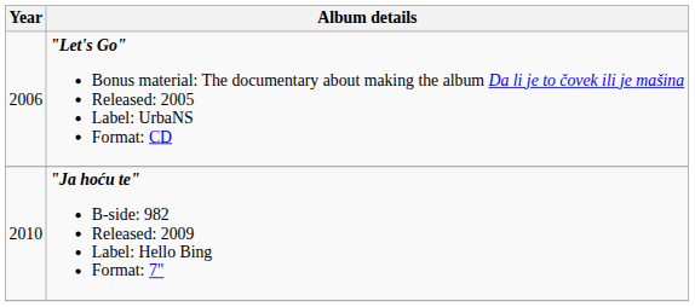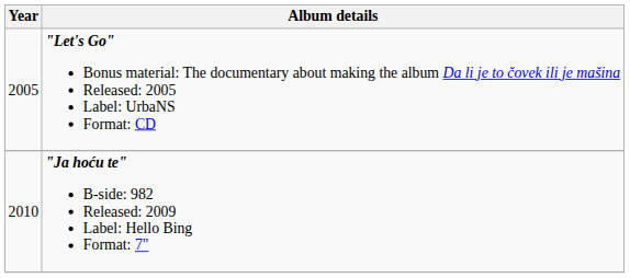 <table class ="wikitable">
 <tr>
 <th>Year</th>
 <th>Album details</th>
 </tr>
 <tr>
-<td align="center" rowspan="1">2006</td>
+<td align="center" rowspan="1">2005</td>
 <td><strong><em>"Let's Go"</em></strong><br><ul><li>Bonus material: The documentary about making the album <em><a href='#'>Da li je to čovek ili je mašina</a></em></li><li>Released: 2005</li><li>Label: UrbaNS</li><li>Format: <a href='#'>CD</a></li></ul></td>
 </tr>
 <tr>
 </tr>
 <tr>
 <td align="center" rowspan="1">2010</td>
 <td><strong><em>"Ja hoću te"</em></strong><br><ul><li>B-side: 982</li><li>Released: 2009</li><li>Label: Hello Bing</li><li>Format: <a href='#'>7"</a></li></ul></td>
 </tr>
 <tr>
 </tr>
 </table>
